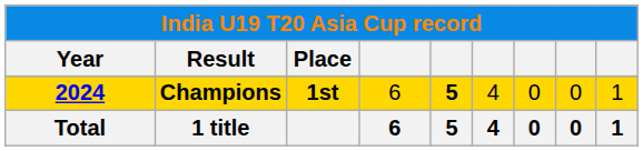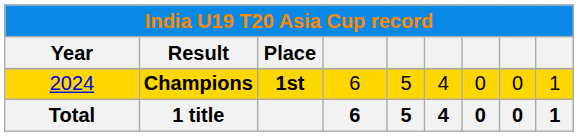 <table class="wikitable" style="font-size:90%; text-align:center;">
 <tr>
 <th style="background:#0889e6; color:#FF8800; text-align:center;" colspan=9>India U19 T20 Asia Cup record</th>
 </tr>
 <tr>
 <th width="90">Year</th>
 <th>Result</th>
 <th width="40">Place</th>
 <th width="40"></th>
 <th width="20"></th>
 <th width="20"></th>
 <th width="20"></th>
 <th width="20"></th>
 <th width="20"></th>
 </tr>
 <tr>
 </tr>
 <tr bgcolor=gold>
-<td><strong> <a href='#'>2024</a></strong></td>
+<td> <a href='#'>2024</a></td>
 <td><strong>Champions</strong></td>
 <td><strong>1st</strong></td>
 <td>6</td>
-<td><strong>5</strong></td>
+<td>5</td>
 <td>4</td>
 <td>0</td>
 <td>0</td>
 <td>1</td>
 </tr>
 <tr>
 <th>Total</th>
 <th><strong>1 title</strong></th>
 <th></th>
 <th>6</th>
 <th>5</th>
 <th>4</th>
 <th>0</th>
 <th>0</th>
 <th>1</th>
 </tr>
 </table>
